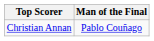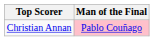 <table class="wikitable" style="text-align: center; margin: 0 auto;">
 <tr>
 <th>Top Scorer</th>
 <th>Man of the Final</th>
 </tr>
 <tr>
 <td> <a href='#'>Christian Annan</a></td>
-<td> <a href='#'>Pablo Couñago</a></td>
+<td style="background: pink;"> <a href='#'>Pablo Couñago</a></td>
 </tr>
 </table>
